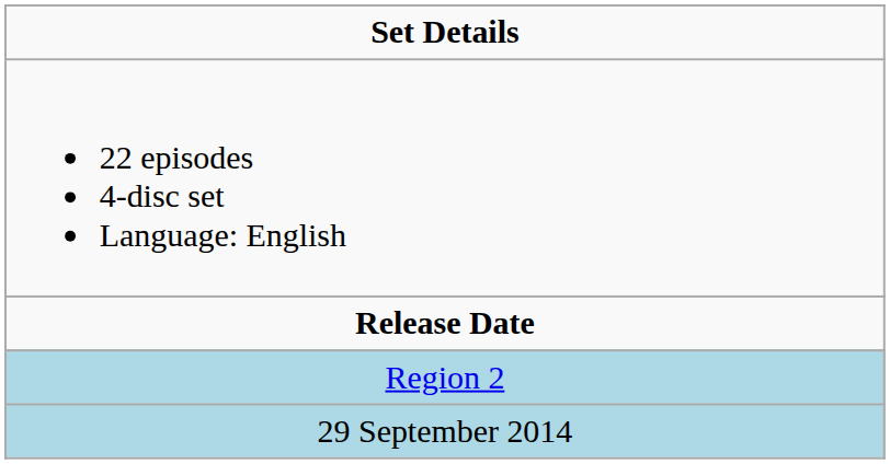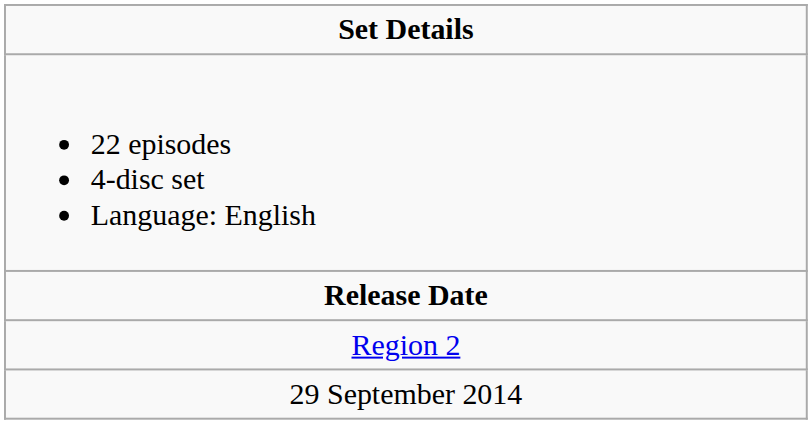 <table class="wikitable" style="font-size: 95%;">
 <tr valign="top">
 <td align="center" width="400" colspan="3"><strong>Set Details</strong></td>
 </tr>
 <tr valign="top">
 <td colspan="3" align="left" width="400"><br><ul><li>22 episodes</li><li>4-disc set</li><li>Language: English</li></ul></td>
 </tr>
 <tr>
 <td colspan="3" align="center"><strong>Release Date</strong></td>
 </tr>
 <tr>
-<td align="center" style="background: lightblue;"><a href='#'>Region 2</a></td>
+<td align="center"><a href='#'>Region 2</a></td>
 </tr>
 <tr>
-<td align="center" style="background: lightblue;">29 September 2014</td>
+<td align="center">29 September 2014</td>
 </tr>
 </table>
